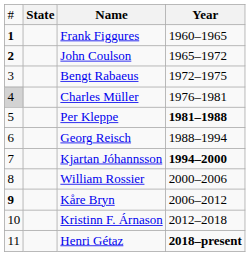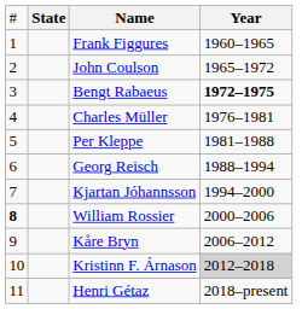 <table class="wikitable sortable">
 <tr>
 <td>#</td>
 <th>State</th>
 <th>Name</th>
 <th>Year</th>
 </tr>
 <tr>
-<td><strong>1</strong></td>
+<td>1</td>
 <td></td>
 <td><a href='#'>Frank Figgures</a></td>
 <td>1960–1965</td>
 </tr>
 <tr>
-<td><strong>2</strong></td>
+<td>2</td>
 <td></td>
 <td><a href='#'>John Coulson</a></td>
 <td>1965–1972</td>
 </tr>
 <tr>
 <td>3</td>
 <td></td>
 <td><a href='#'>Bengt Rabaeus</a></td>
-<td>1972–1975</td>
+<td><strong>1972–1975</strong></td>
 </tr>
 <tr>
-<td style="background: lightgrey;">4</td>
+<td>4</td>
 <td></td>
 <td><a href='#'>Charles Müller</a></td>
 <td>1976–1981</td>
 </tr>
 <tr>
 <td>5</td>
 <td></td>
 <td><a href='#'>Per Kleppe</a></td>
-<td><strong>1981–1988</strong></td>
+<td>1981–1988</td>
 </tr>
 <tr>
 <td>6</td>
 <td></td>
 <td><a href='#'>Georg Reisch</a></td>
 <td>1988–1994</td>
 </tr>
 <tr>
 <td>7</td>
 <td></td>
 <td><a href='#'>Kjartan Jóhannsson</a></td>
-<td><strong>1994–2000</strong></td>
+<td>1994–2000</td>
 </tr>
 <tr>
-<td>8</td>
+<td><strong>8</strong></td>
 <td></td>
 <td><a href='#'>William Rossier</a></td>
 <td>2000–2006</td>
 </tr>
 <tr>
-<td><strong>9</strong></td>
+<td>9</td>
 <td></td>
 <td><a href='#'>Kåre Bryn</a></td>
 <td>2006–2012</td>
 </tr>
 <tr>
 <td>10</td>
 <td></td>
 <td><a href='#'>Kristinn F. Árnason</a></td>
-<td>2012–2018</td>
+<td style="background: lightgrey;">2012–2018</td>
 </tr>
 <tr>
 <td>11</td>
 <td></td>
 <td><a href='#'>Henri Gétaz</a></td>
-<td><strong>2018–present</strong></td>
+<td>2018–present</td>
 </tr>
 </table>
